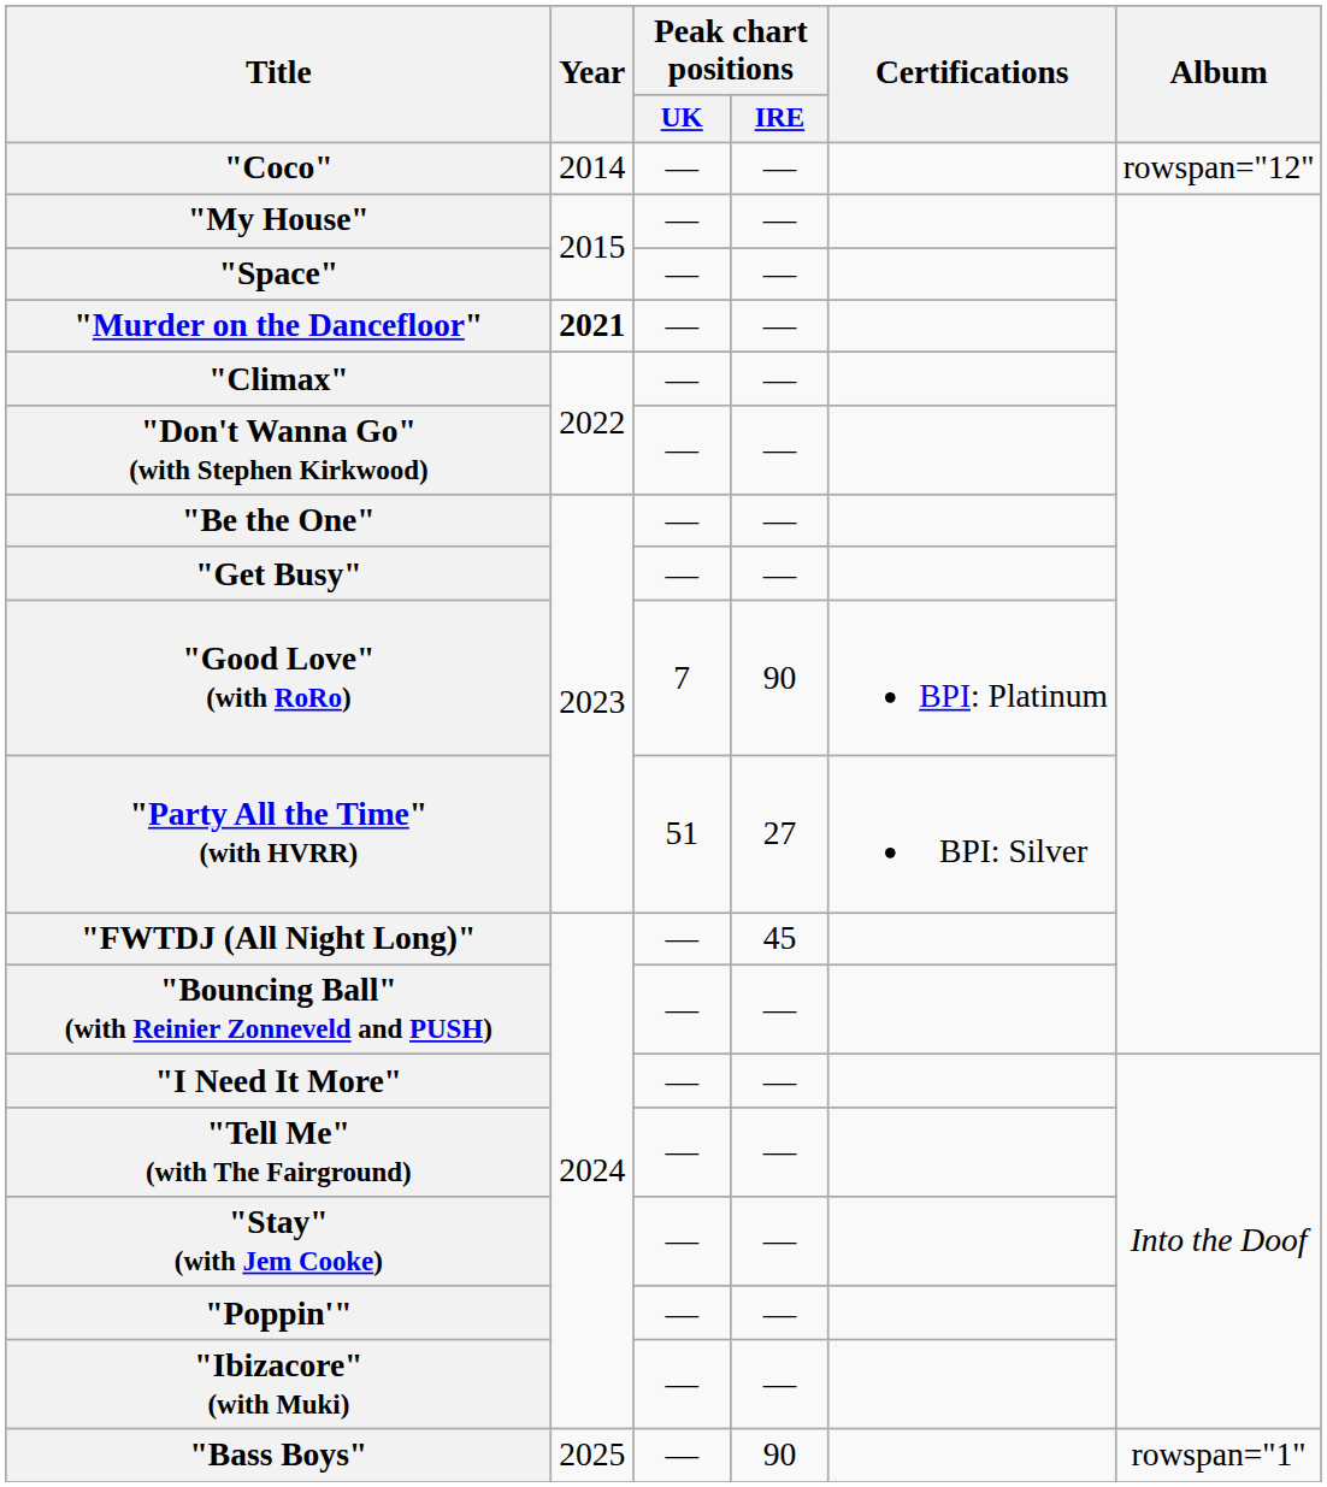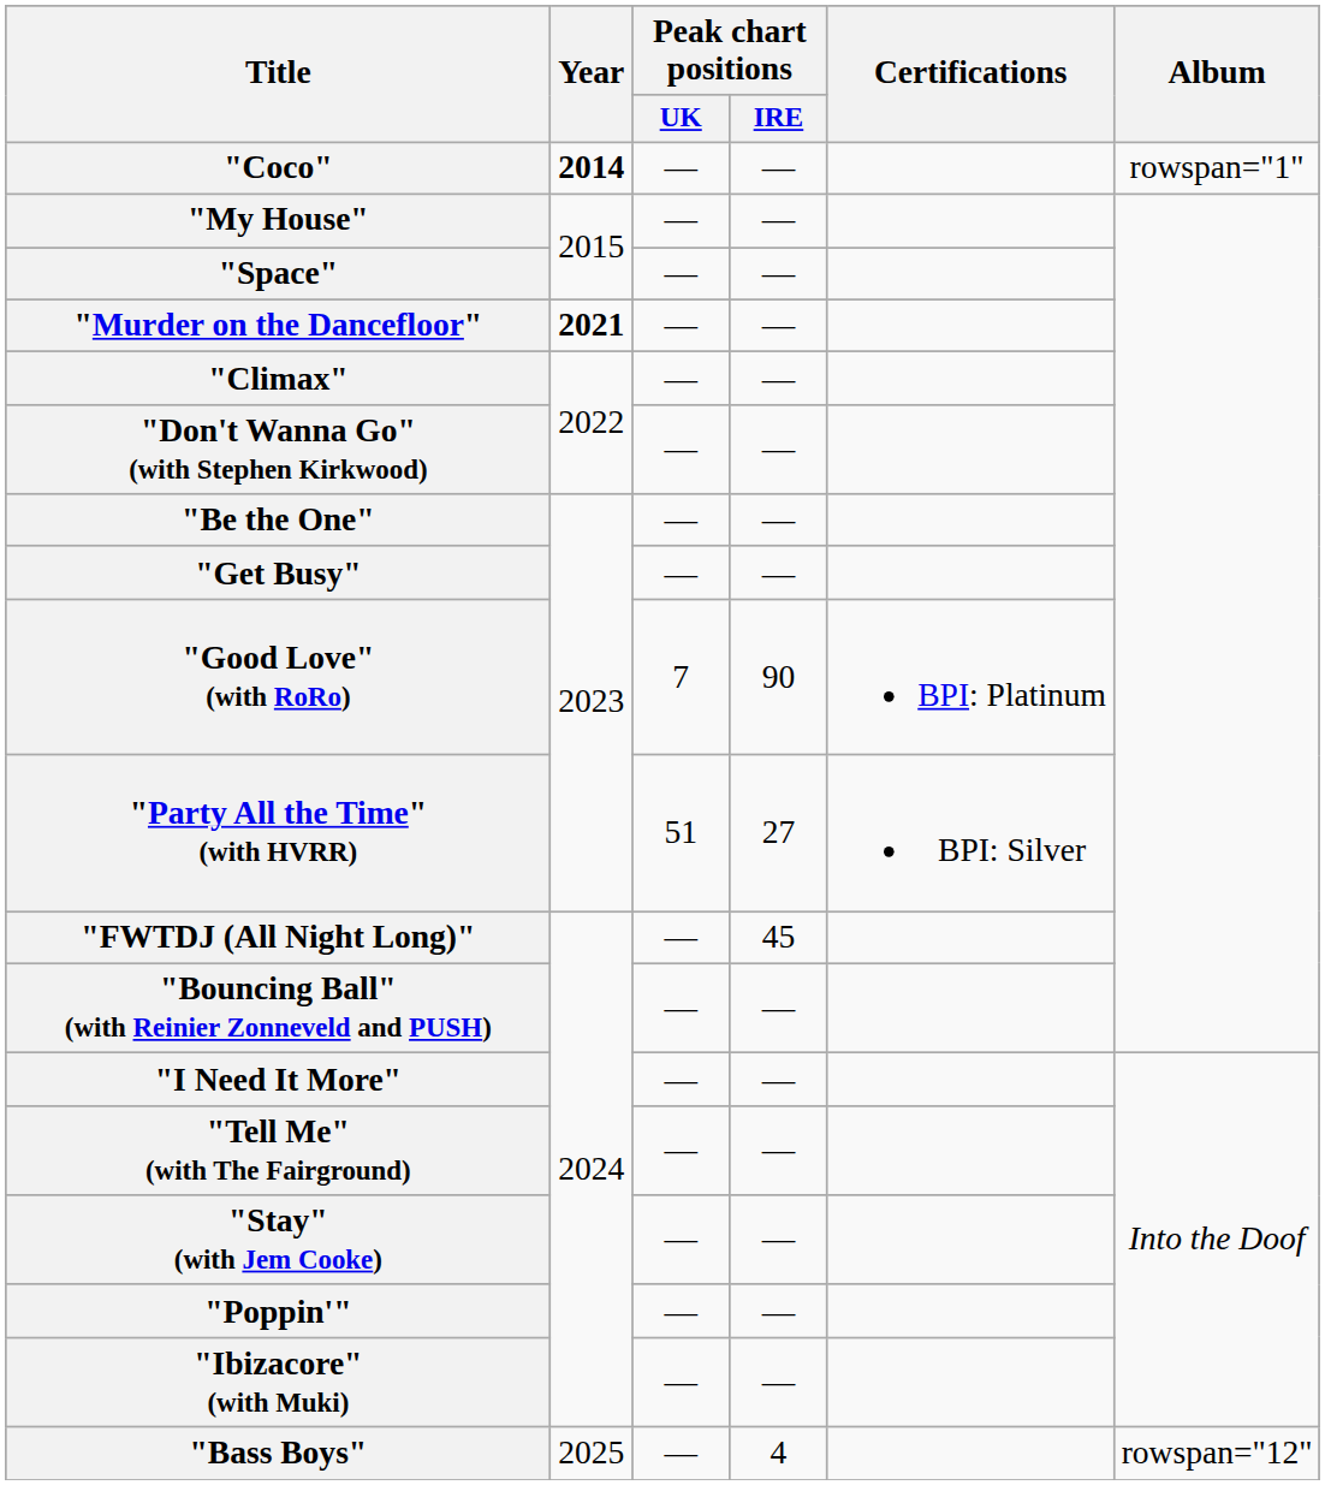 <table class="wikitable plainrowheaders" style="text-align:center;">
 <tr>
 <th scope="col" rowspan="2" style="width:16em;">Title</th>
 <th scope="col" rowspan="2" style="width:1em;">Year</th>
 <th scope="col" colspan="2">Peak chart positions</th>
 <th scope="col" rowspan="2">Certifications</th>
 <th scope="col" rowspan="2">Album</th>
 </tr>
 <tr>
 <th scope="col" style="width:3em;font-size:85%;"><a href='#'>UK</a><br></th>
 <th scope="col" style="width:3em;font-size:85%;"><a href='#'>IRE</a><br></th>
 </tr>
 <tr>
 <th scope="row">"Coco"</th>
-<td>2014</td>
+<td><strong>2014</strong></td>
 <td>—</td>
 <td>—</td>
 <td></td>
-<td>rowspan="12" </td>
+<td>rowspan="1" </td>
 </tr>
 <tr>
 <th scope="row">"My House"</th>
 <td rowspan="2">2015</td>
 <td>—</td>
 <td>—</td>
 <td></td>
 </tr>
 <tr>
 <th scope="row">"Space"</th>
 <td>—</td>
 <td>—</td>
 <td></td>
 </tr>
 <tr>
 <th scope="row">"<a href='#'>Murder on the Dancefloor</a>"</th>
 <td><strong>2021</strong></td>
 <td>—</td>
 <td>—</td>
 <td></td>
 </tr>
 <tr>
 <th scope="row">"Climax"</th>
 <td rowspan="2">2022</td>
 <td>—</td>
 <td>—</td>
 <td></td>
 </tr>
 <tr>
 <th scope="row">"Don't Wanna Go"<br><small>(with Stephen Kirkwood)</small></th>
 <td>—</td>
 <td>—</td>
 <td></td>
 </tr>
 <tr>
 <th scope="row">"Be the One"</th>
 <td rowspan="4">2023</td>
 <td>—</td>
 <td>—</td>
 <td></td>
 </tr>
 <tr>
 <th scope="row">"Get Busy"</th>
 <td>—</td>
 <td>—</td>
 <td></td>
 </tr>
 <tr>
 <th scope="row">"Good Love"<br><small>(with <a href='#'>RoRo</a>)</small></th>
 <td>7</td>
 <td>90</td>
 <td><br><ul><li><a href='#'>BPI</a>: Platinum</li></ul></td>
 </tr>
 <tr>
 <th scope="row">"<a href='#'>Party All the Time</a>"<br><small>(with HVRR)</small></th>
 <td>51</td>
 <td>27</td>
 <td><br><ul><li>BPI: Silver</li></ul></td>
 </tr>
 <tr>
 <th scope="row">"FWTDJ (All Night Long)"</th>
 <td rowspan="7">2024</td>
 <td>—</td>
 <td>45</td>
 <td></td>
 </tr>
 <tr>
 <th scope="row">"Bouncing Ball"<br><small>(with <a href='#'>Reinier Zonneveld</a> and <a href='#'>PUSH</a>)</small></th>
 <td>—</td>
 <td>—</td>
 <td></td>
 </tr>
 <tr>
 <th scope="row">"I Need It More"</th>
 <td>—</td>
 <td>—</td>
 <td></td>
 <td rowspan="5"><em>Into the Doof</em></td>
 </tr>
 <tr>
 <th scope="row">"Tell Me"<br><small>(with The Fairground)</small></th>
 <td>—</td>
 <td>—</td>
 <td></td>
 </tr>
 <tr>
 <th scope="row">"Stay"<br><small>(with <a href='#'>Jem Cooke</a>)</small></th>
 <td>—</td>
 <td>—</td>
 <td></td>
 </tr>
 <tr>
 <th scope="row">"Poppin'"</th>
 <td>—</td>
 <td>—</td>
 <td></td>
 </tr>
 <tr>
 <th scope="row">"Ibizacore"<br><small>(with Muki)</small></th>
 <td>—</td>
 <td>—</td>
 <td></td>
 </tr>
 <tr>
 <th scope="row">"Bass Boys"</th>
 <td rowspan="1">2025</td>
 <td>—</td>
-<td>90</td>
+<td>4</td>
 <td></td>
-<td>rowspan="1" </td>
+<td>rowspan="12" </td>
 </tr>
 <tr>
 </tr>
 </table>
